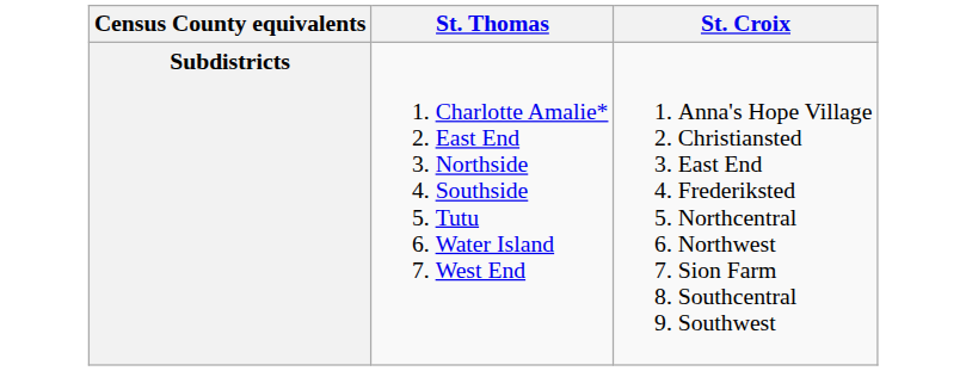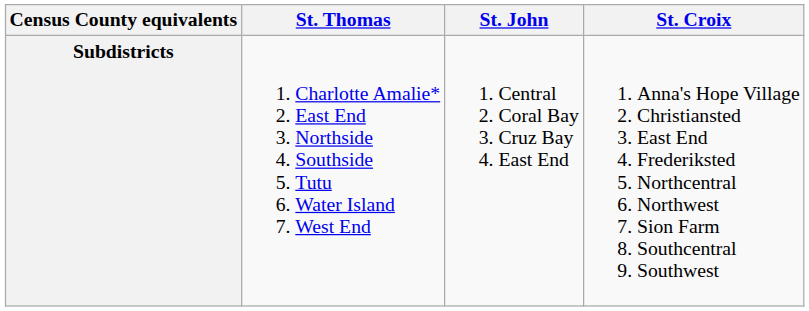 <table class="wikitable" style="margin: auto">
 <tr>
 <th>Census County equivalents</th>
 <th><a href='#'>St. Thomas</a></th>
+<th><a href='#'>St. John</a></th>
 <th><a href='#'>St. Croix</a></th>
 </tr>
 <tr>
 <th style="vertical-align: top">Subdistricts</th>
 <td style="vertical-align: top"><br><ol><li><a href='#'>Charlotte Amalie*</a></li><li><a href='#'>East End</a></li><li><a href='#'>Northside</a></li><li><a href='#'>Southside</a></li><li><a href='#'>Tutu</a></li><li><a href='#'>Water Island</a></li><li><a href='#'>West End</a></li></ol></td>
+<td style="vertical-align: top"><br><ol><li>Central</li><li>Coral Bay</li><li>Cruz Bay</li><li>East End</li></ol></td>
 <td style="vertical-align: top"><br><ol><li>Anna's Hope Village</li><li>Christiansted</li><li>East End</li><li>Frederiksted</li><li>Northcentral</li><li>Northwest</li><li>Sion Farm</li><li>Southcentral</li><li>Southwest</li></ol></td>
 </tr>
 </table>
